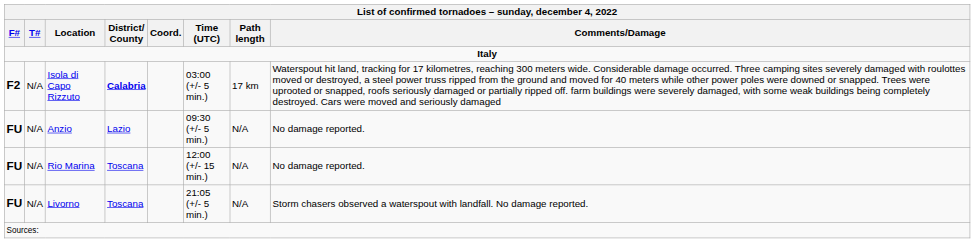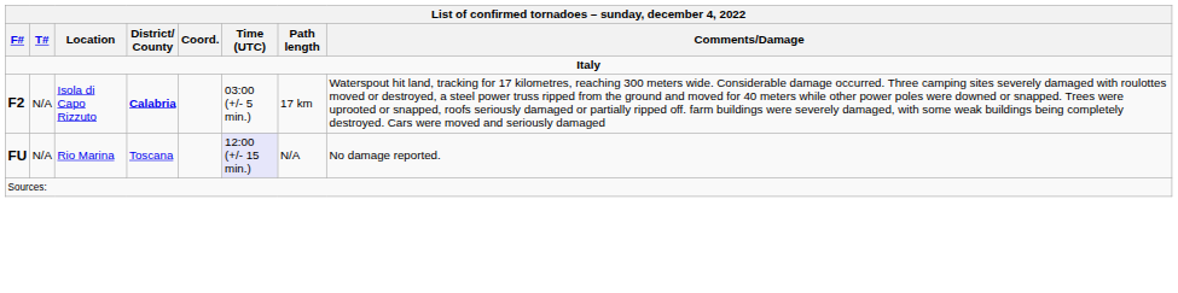 <table class="wikitable collapsible" width="100%">
 <tr>
 <th colspan="8">List of confirmed tornadoes – sunday, december 4, 2022</th>
 </tr>
 <tr>
 <th><a href='#'>F#</a></th>
 <th><a href='#'>T#</a></th>
 <th>Location</th>
 <th>District/<br>County</th>
 <th>Coord.</th>
 <th>Time (UTC)</th>
 <th>Path length</th>
 <th>Comments/Damage</th>
 </tr>
 <tr>
 <td colspan="8" align=center><strong>Italy</strong></td>
 </tr>
 <tr>
 <td><big><strong>F2</strong></big></td>
 <td>N/A</td>
 <td><a href='#'>Isola di Capo Rizzuto</a></td>
 <td><strong><a href='#'>Calabria</a></strong></td>
 <td></td>
 <td>03:00 (+/- 5 min.)</td>
 <td>17 km</td>
 <td>Waterspout hit land, tracking for 17 kilometres, reaching 300 meters wide. Considerable damage occurred.  Three camping sites severely damaged with roulottes moved or destroyed, a steel power truss ripped from the ground and moved for 40 meters while other power poles were downed or snapped. Trees were uprooted or snapped, roofs seriously damaged or partially ripped off. farm buildings were severely damaged, with some weak buildings being completely destroyed. Cars were moved and seriously damaged</td>
 </tr>
 <tr>
 <td><big><strong>FU</strong></big></td>
 <td>N/A</td>
-<td><a href='#'>Anzio</a></td>
-<td><a href='#'>Lazio</a></td>
-<td></td>
-<td>09:30 (+/- 5 min.)</td>
-<td>N/A</td>
-<td>No damage reported.</td>
-</tr>
-<tr>
-<td><big><strong>FU</strong></big></td>
-<td>N/A</td>
 <td><a href='#'>Rio Marina</a></td>
 <td><a href='#'>Toscana</a></td>
 <td></td>
-<td>12:00 (+/- 15 min.)</td>
+<td style="background: lavender;">12:00 (+/- 15 min.)</td>
 <td>N/A</td>
 <td>No damage reported.</td>
-</tr>
-<tr>
-<td><big><strong>FU</strong></big></td>
-<td>N/A</td>
-<td><a href='#'>Livorno</a></td>
-<td><a href='#'>Toscana</a></td>
-<td></td>
-<td>21:05 (+/- 5 min.)</td>
-<td>N/A</td>
-<td>Storm chasers observed a waterspout with landfall. No damage reported.</td>
 </tr>
 <tr>
 <td colspan="8"><small>Sources:  </small></td>
 </tr>
 </table>
